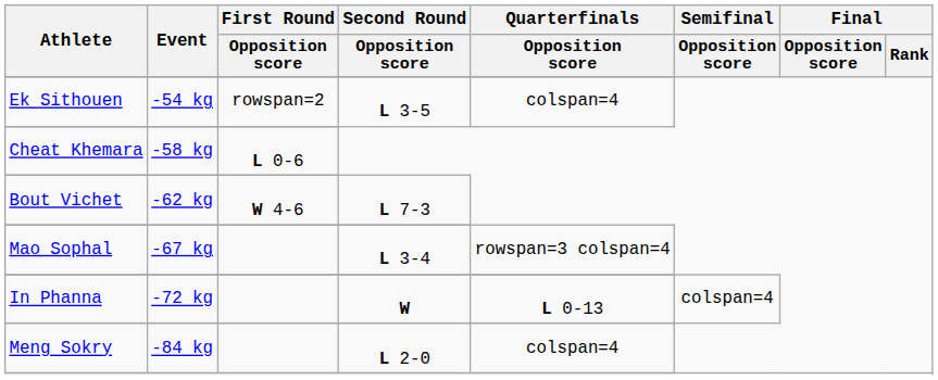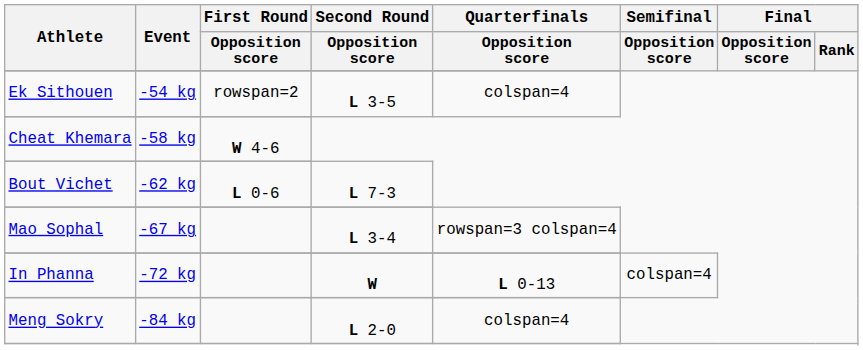 <table class=wikitable style=font-size:90%;text-align:center>
 <tr>
 <th rowspan=2>Athlete</th>
 <th rowspan=2>Event</th>
 <th>First Round</th>
 <th>Second Round</th>
 <th>Quarterfinals</th>
 <th>Semifinal</th>
 <th colspan=2>Final</th>
 </tr>
 <tr style=font-size:95%>
 <th>Opposition<br>score</th>
 <th>Opposition<br>score</th>
 <th>Opposition<br>score</th>
 <th>Opposition<br>score</th>
 <th>Opposition<br>score</th>
 <th>Rank</th>
 </tr>
 <tr>
 </tr>
 <tr align=center>
 <td align=left><a href='#'>Ek Sithouen</a></td>
 <td><a href='#'>-54 kg</a></td>
 <td>rowspan=2 </td>
 <td align=center> <br> <strong>L</strong> 3-5</td>
 <td>colspan=4 </td>
 </tr>
 <tr>
 </tr>
 <tr align=center>
 <td align=left><a href='#'>Cheat Khemara</a></td>
 <td><a href='#'>-58 kg</a></td>
-<td align=center> <br> <strong>L</strong> 0-6</td>
+<td align=center> <br> <strong>W</strong> 4-6</td>
 </tr>
 <tr>
 </tr>
 <tr align=center>
 <td align=left><a href='#'>Bout Vichet</a></td>
 <td><a href='#'>-62 kg</a></td>
-<td align=center> <br> <strong>W</strong> 4-6</td>
+<td align=center> <br> <strong>L</strong> 0-6</td>
 <td align=center> <br> <strong>L</strong> 7-3</td>
 </tr>
 <tr>
 </tr>
 <tr align=center>
 <td align=left><a href='#'>Mao Sophal</a></td>
 <td><a href='#'>-67 kg</a></td>
 <td></td>
 <td align=center> <br> <strong>L</strong> 3-4</td>
 <td>rowspan=3 colspan=4 </td>
 </tr>
 <tr>
 </tr>
 <tr align-center>
 <td align=left><a href='#'>In Phanna</a></td>
 <td><a href='#'>-72 kg</a></td>
 <td></td>
 <td align=center> <br> <strong>W</strong> </td>
 <td align=center> <br> <strong>L</strong> 0-13</td>
 <td>colspan=4 </td>
 </tr>
 <tr>
 </tr>
 <tr align-center>
 <td align=left><a href='#'>Meng Sokry</a></td>
 <td><a href='#'>-84 kg</a></td>
 <td></td>
 <td align=center> <br> <strong>L</strong> 2-0</td>
 <td>colspan=4 </td>
 </tr>
 <tr>
 </tr>
 </table>
